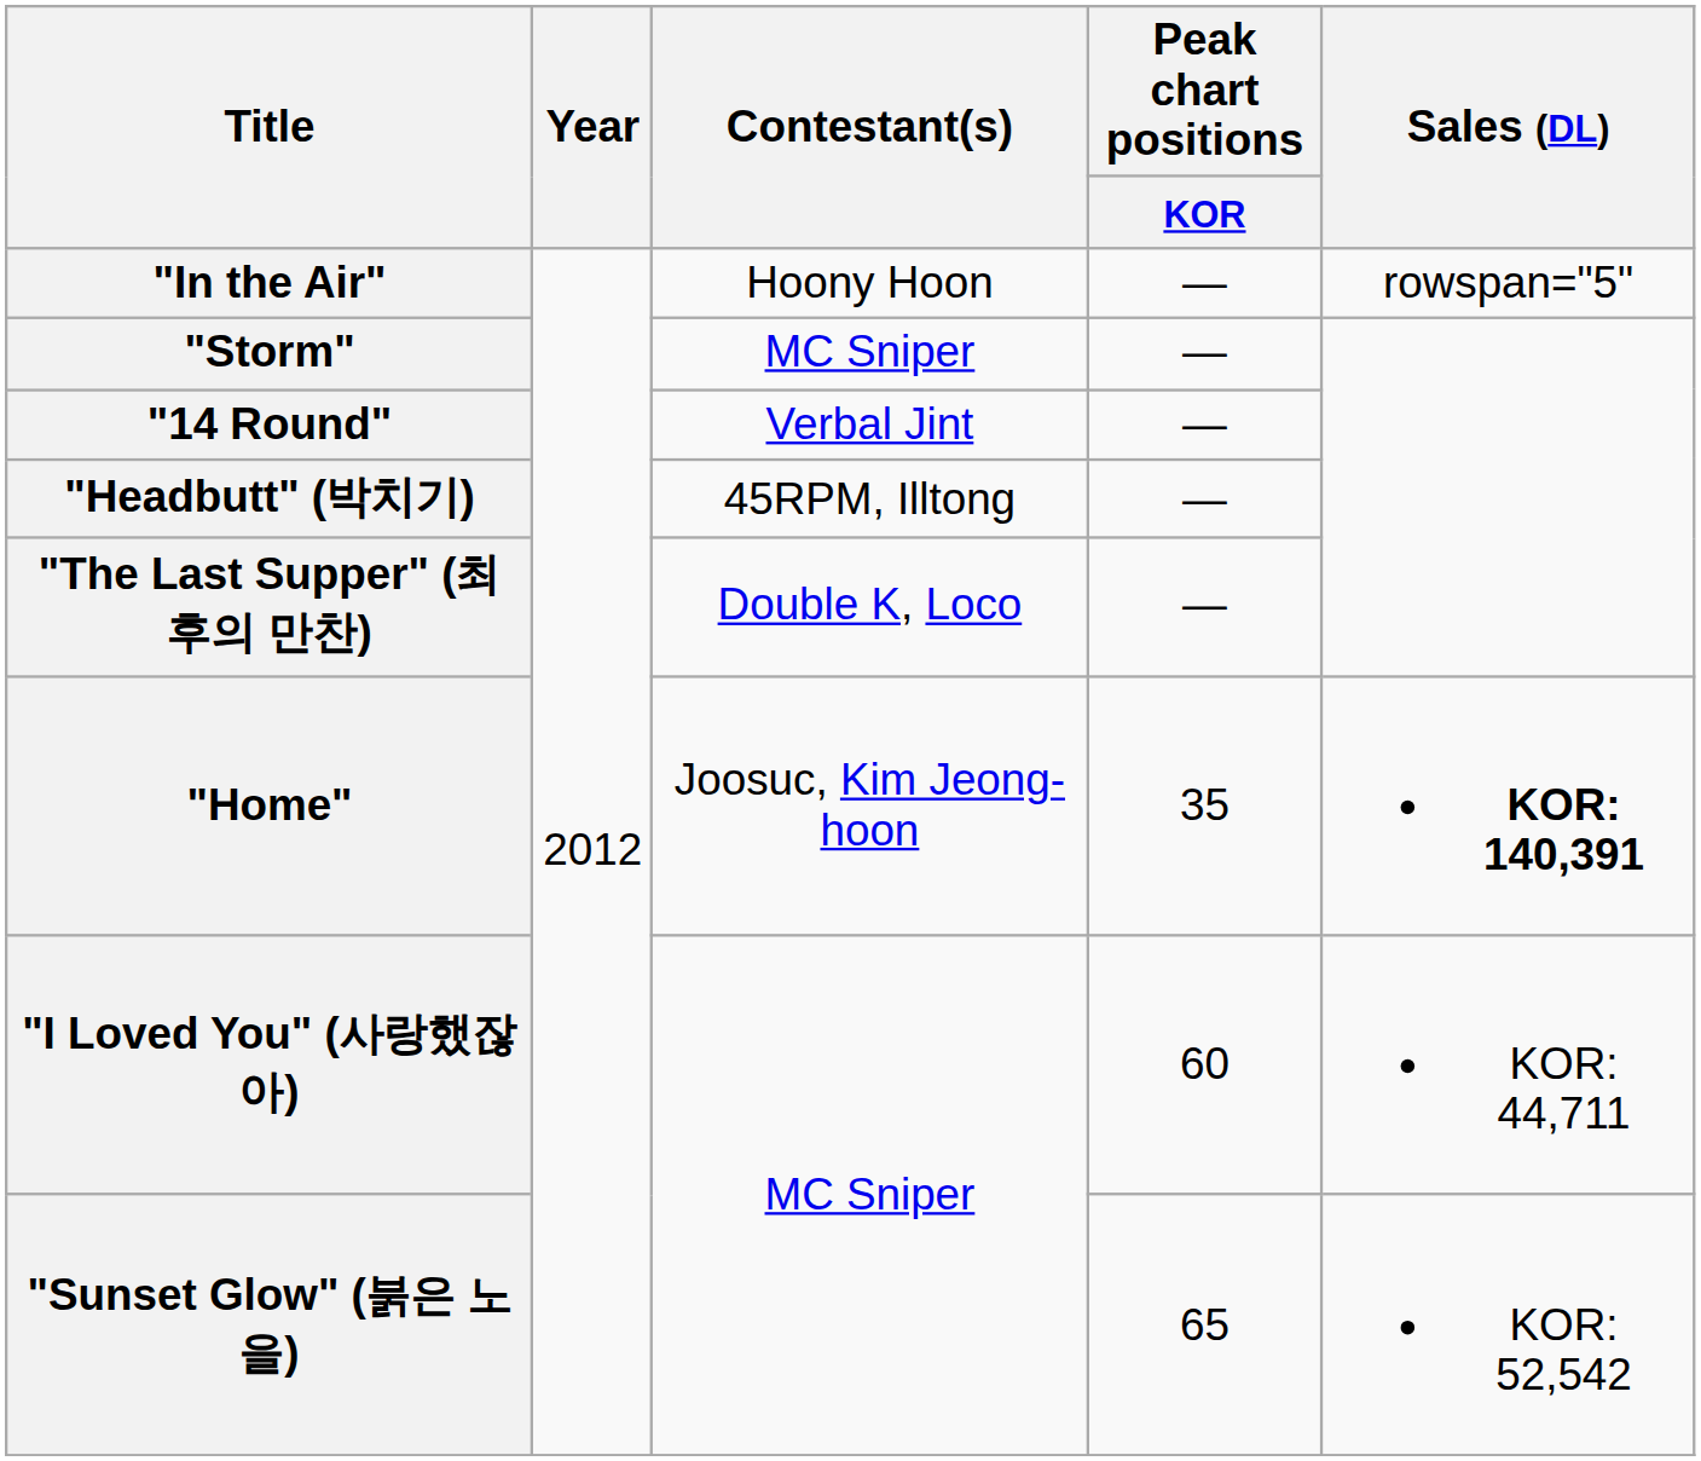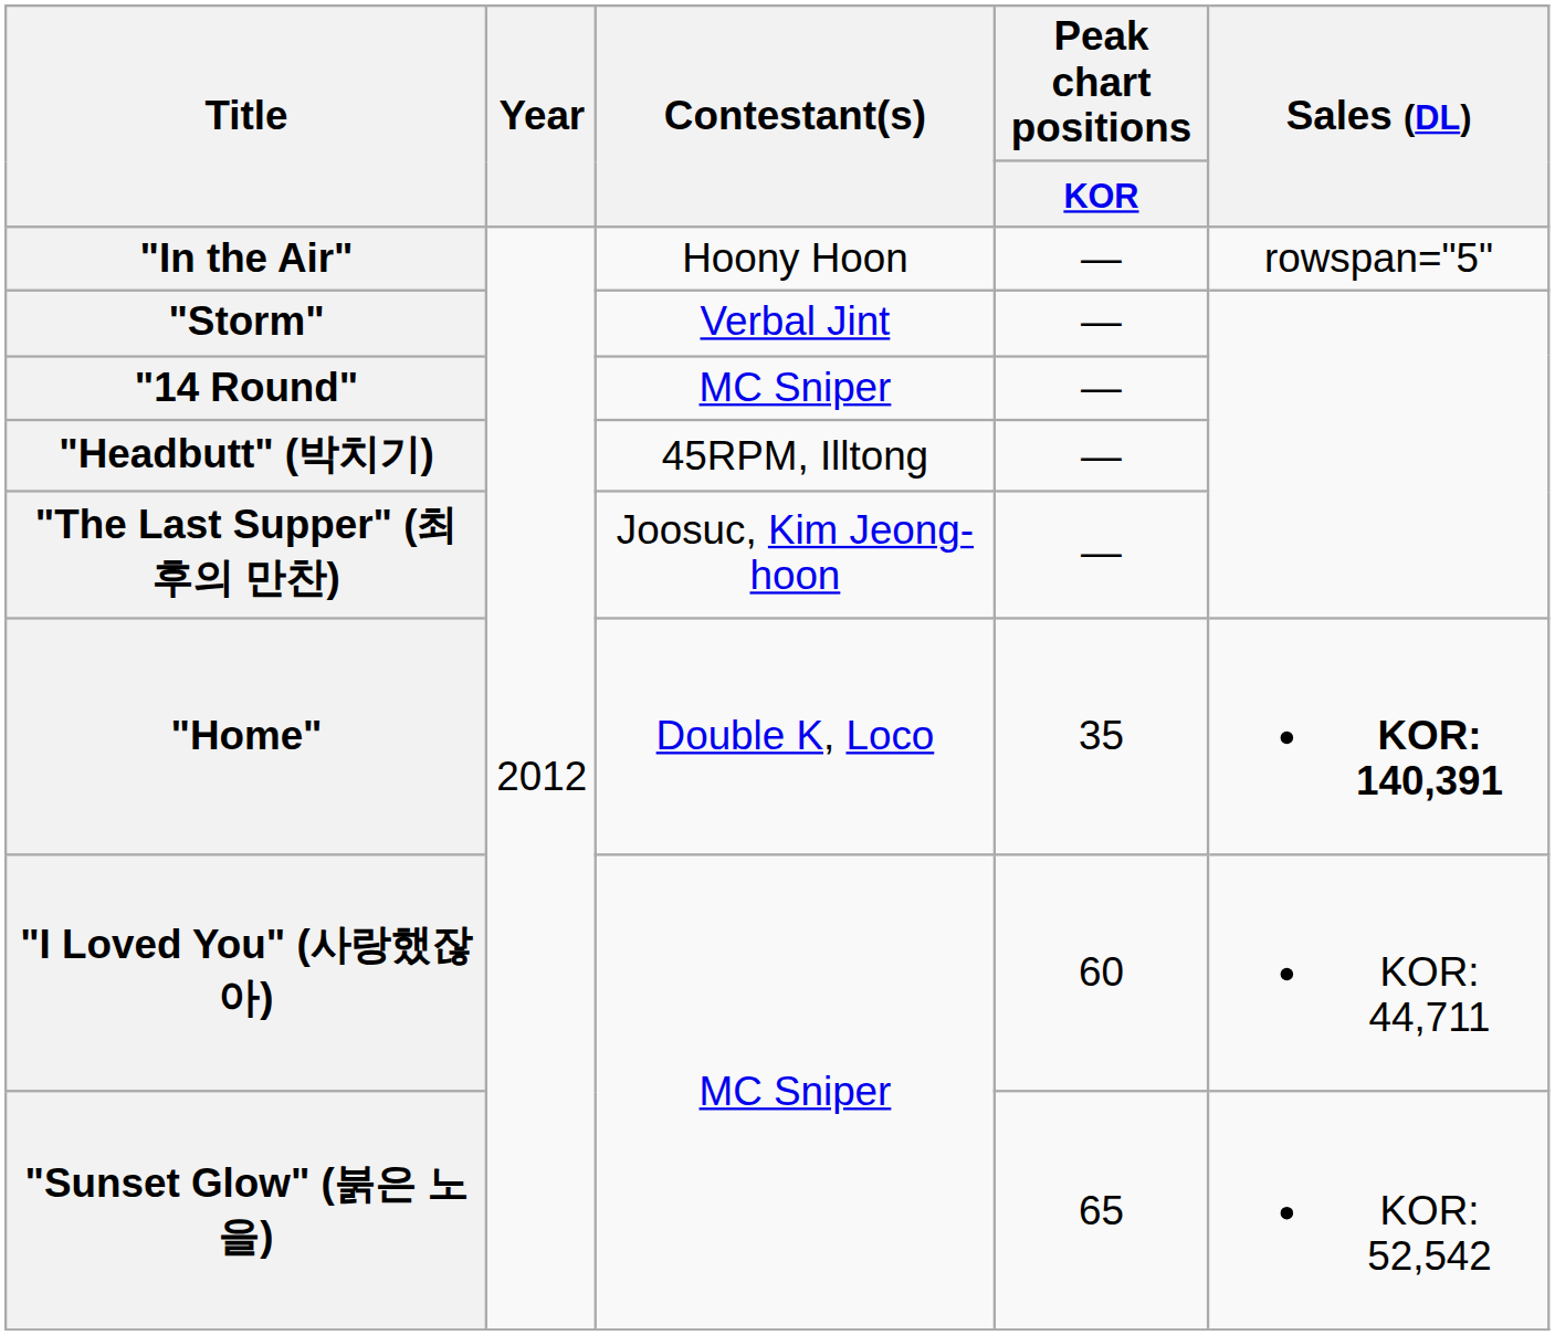 <table class="wikitable plainrowheaders" style="text-align:center">
 <tr>
 <th scope="col" rowspan="2">Title</th>
 <th scope="col" rowspan="2">Year</th>
 <th scope="col" rowspan="2">Contestant(s)</th>
 <th scope="col" colspan="1">Peak chart <br> positions</th>
 <th scope="col" rowspan="2">Sales <small>(<a href='#'>DL</a>)</small></th>
 </tr>
 <tr>
 <th><small><a href='#'>KOR</a></small><br></th>
 </tr>
 <tr>
 <th scope="row">"In the Air"<br></th>
 <td rowspan="8">2012</td>
 <td>Hoony Hoon</td>
 <td>—</td>
 <td>rowspan="5" </td>
 </tr>
 <tr>
 <th scope="row">"Storm"<br></th>
-<td><a href='#'>MC Sniper</a></td>
+<td><a href='#'>Verbal Jint</a></td>
 <td>—</td>
 </tr>
 <tr>
 <th scope="row">"14 Round"<br></th>
-<td><a href='#'>Verbal Jint</a></td>
+<td><a href='#'>MC Sniper</a></td>
 <td>—</td>
 </tr>
 <tr>
 <th scope="row">"Headbutt" (박치기)</th>
 <td>45RPM, Illtong</td>
 <td>—</td>
 </tr>
 <tr>
 <th scope="row">"The Last Supper" (최후의 만찬)</th>
-<td><a href='#'>Double K</a>, <a href='#'>Loco</a></td>
+<td>Joosuc, <a href='#'>Kim Jeong-hoon</a></td>
 <td>—</td>
 </tr>
 <tr>
 <th scope="row">"Home"<br></th>
-<td>Joosuc, <a href='#'>Kim Jeong-hoon</a></td>
+<td><a href='#'>Double K</a>, <a href='#'>Loco</a></td>
 <td>35</td>
 <td><strong><br><ul><li>KOR: 140,391</li></ul></strong></td>
 </tr>
 <tr>
 <th scope="row">"I Loved You" (사랑했잖아)<br></th>
 <td rowspan="2"><a href='#'>MC Sniper</a></td>
 <td>60</td>
 <td><br><ul><li>KOR: 44,711</li></ul></td>
 </tr>
 <tr>
 <th scope="row">"Sunset Glow" (붉은 노을)<br></th>
 <td>65</td>
 <td><br><ul><li>KOR: 52,542</li></ul></td>
 </tr>
 <tr>
 </tr>
 </table>
